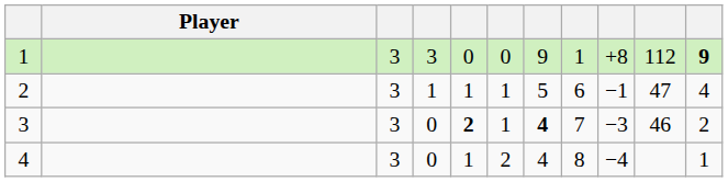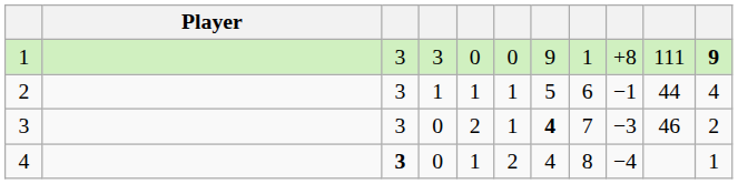 <table class="wikitable" style="text-align:center; margin: 1em auto 1em auto, align:left">
 <tr>
 <th width=20></th>
 <th width=240>Player</th>
 <th width=20></th>
 <th width=20></th>
 <th width=20></th>
 <th width=20></th>
 <th width=20></th>
 <th width=20></th>
 <th width=20></th>
 <th width=30></th>
 <th width=20></th>
 </tr>
 <tr style="background:#D0F0C0;">
 <td>1</td>
 <td align=left></td>
 <td>3</td>
 <td>3</td>
 <td>0</td>
 <td>0</td>
 <td>9</td>
 <td>1</td>
 <td>+8</td>
-<td>112</td>
+<td>111</td>
 <td><strong>9</strong></td>
 </tr>
 <tr style=>
 <td>2</td>
 <td align=left></td>
 <td>3</td>
 <td>1</td>
 <td>1</td>
 <td>1</td>
 <td>5</td>
 <td>6</td>
 <td>−1</td>
-<td>47</td>
+<td>44</td>
 <td>4</td>
 </tr>
 <tr style=>
 <td>3</td>
 <td align=left></td>
 <td>3</td>
 <td>0</td>
-<td><strong>2</strong></td>
+<td>2</td>
 <td>1</td>
 <td><strong>4</strong></td>
 <td>7</td>
 <td>−3</td>
 <td>46</td>
 <td>2</td>
 </tr>
 <tr style=>
 <td>4</td>
 <td align=left></td>
-<td>3</td>
+<td><strong>3</strong></td>
 <td>0</td>
 <td>1</td>
 <td>2</td>
 <td>4</td>
 <td>8</td>
 <td>−4</td>
 <td></td>
 <td>1</td>
 </tr>
 </table>
